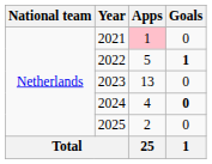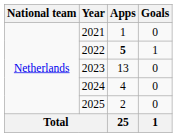 <table class="wikitable" style="text-align:center">
 <tr>
 <th>National team</th>
 <th>Year</th>
 <th>Apps</th>
 <th>Goals</th>
 </tr>
 <tr>
 <td rowspan="5"><a href='#'>Netherlands</a></td>
 <td>2021</td>
-<td style="background: pink;">1</td>
+<td>1</td>
 <td>0</td>
 </tr>
 <tr>
 <td>2022</td>
-<td>5</td>
-<td><strong>1</strong></td>
+<td><strong>5</strong></td>
+<td>1</td>
 </tr>
 <tr>
 <td>2023</td>
 <td>13</td>
 <td>0</td>
 </tr>
 <tr>
 <td>2024</td>
 <td>4</td>
-<td><strong>0</strong></td>
+<td>0</td>
 </tr>
 <tr>
 <td>2025</td>
 <td>2</td>
 <td>0</td>
 </tr>
 <tr>
 <th colspan="2">Total</th>
 <th>25</th>
 <th>1</th>
 </tr>
 </table>
